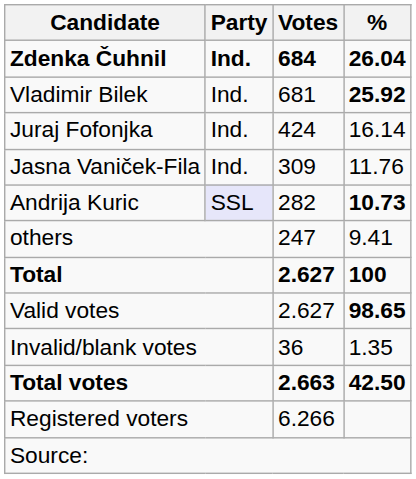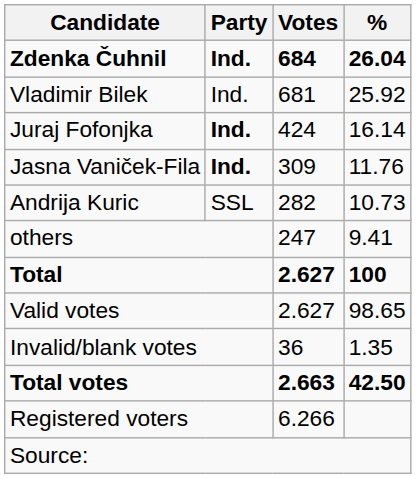 <table class="wikitable" style="text-align: left;">
 <tr>
 <th>Candidate</th>
 <th>Party</th>
 <th>Votes</th>
 <th>%</th>
 </tr>
 <tr>
 <td><strong>Zdenka Čuhnil</strong></td>
 <td><strong>Ind.</strong></td>
 <td><strong>684</strong></td>
 <td><strong>26.04</strong></td>
 </tr>
 <tr>
 <td>Vladimir Bilek</td>
 <td>Ind.</td>
 <td>681</td>
-<td><strong>25.92</strong></td>
+<td>25.92</td>
 </tr>
 <tr>
 <td>Juraj Fofonjka</td>
-<td>Ind.</td>
+<td><strong>Ind.</strong></td>
 <td>424</td>
 <td>16.14</td>
 </tr>
 <tr>
 <td>Jasna Vaniček-Fila</td>
-<td>Ind.</td>
+<td><strong>Ind.</strong></td>
 <td>309</td>
 <td>11.76</td>
 </tr>
 <tr>
 <td>Andrija Kuric</td>
-<td style="background: lavender;">SSL</td>
+<td>SSL</td>
 <td>282</td>
-<td><strong>10.73</strong></td>
+<td>10.73</td>
 </tr>
 <tr>
 <td colspan="2">others</td>
 <td>247</td>
 <td>9.41</td>
 </tr>
 <tr>
 <td colspan="2"><strong>Total</strong></td>
 <td><strong>2.627</strong></td>
 <td><strong>100</strong></td>
 </tr>
 <tr>
 <td colspan="2">Valid votes</td>
 <td>2.627</td>
-<td><strong>98.65</strong></td>
+<td>98.65</td>
 </tr>
 <tr>
 <td colspan="2">Invalid/blank votes</td>
 <td>36</td>
 <td>1.35</td>
 </tr>
 <tr>
 <td colspan="2"><strong>Total votes</strong></td>
 <td><strong>2.663</strong></td>
 <td><strong>42.50</strong></td>
 </tr>
 <tr>
 <td colspan="2">Registered voters</td>
 <td>6.266</td>
 <td></td>
 </tr>
 <tr>
 <td colspan="4">Source: </td>
 </tr>
 </table>
